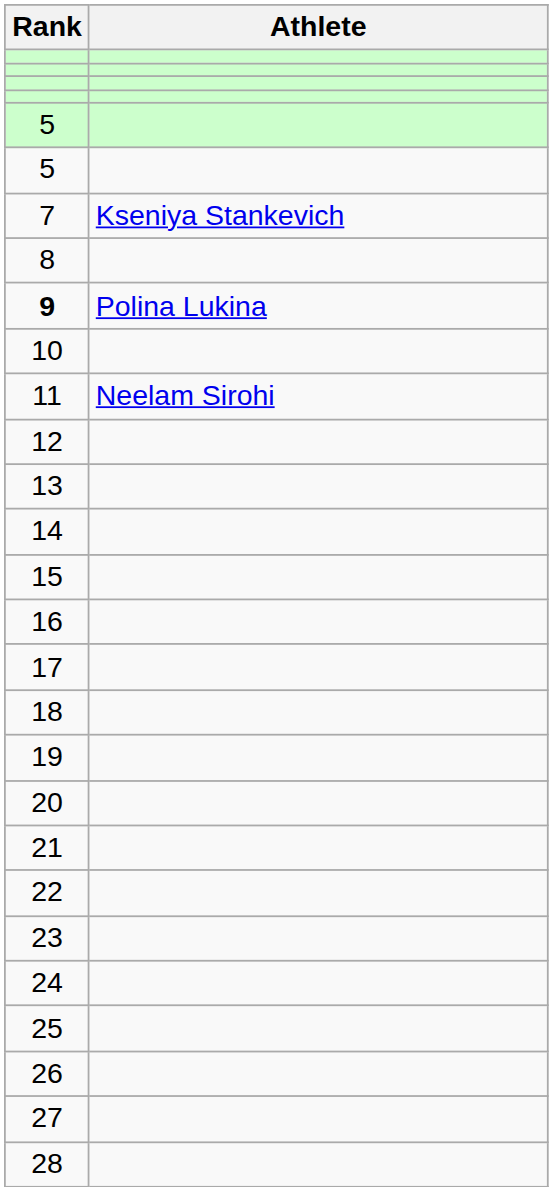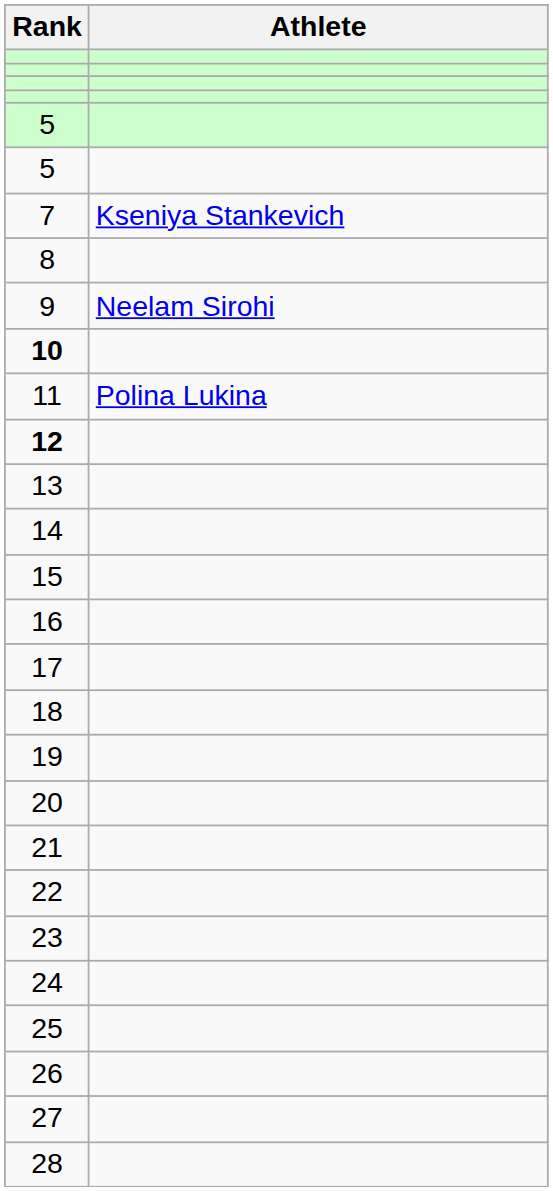 <table class="wikitable" style="text-align: center;">
 <tr>
 <th width=40>Rank</th>
 <th width=250>Athlete</th>
 </tr>
 <tr bgcolor=#ccffcc>
 <td></td>
 <td align="left"></td>
 </tr>
 <tr bgcolor=#ccffcc>
 <td></td>
 <td align="left"></td>
 </tr>
 <tr bgcolor=#ccffcc>
 <td></td>
 <td align="left"></td>
 </tr>
 <tr bgcolor=#ccffcc>
 <td></td>
 <td align="left"></td>
 </tr>
 <tr bgcolor=#ccffcc>
 <td>5</td>
 <td align="left"></td>
 </tr>
 <tr>
 <td>5</td>
 <td align="left"></td>
 </tr>
 <tr>
 <td>7</td>
 <td align="left"> <a href='#'>Kseniya Stankevich</a> </td>
 </tr>
 <tr>
 <td>8</td>
 <td align="left"></td>
 </tr>
 <tr>
-<td><strong>9</strong></td>
-<td align="left"> <a href='#'>Polina Lukina</a> </td>
+<td>9</td>
+<td align="left"> <a href='#'>Neelam Sirohi</a> </td>
 </tr>
 <tr>
-<td>10</td>
+<td><strong>10</strong></td>
 <td align="left"></td>
 </tr>
 <tr>
 <td>11</td>
-<td align="left"> <a href='#'>Neelam Sirohi</a> </td>
+<td align="left"> <a href='#'>Polina Lukina</a> </td>
 </tr>
 <tr>
-<td>12</td>
+<td><strong>12</strong></td>
 <td align="left"></td>
 </tr>
 <tr>
 <td>13</td>
 <td align="left"></td>
 </tr>
 <tr>
 <td>14</td>
 <td align="left"></td>
 </tr>
 <tr>
 <td>15</td>
 <td align="left"></td>
 </tr>
 <tr>
 <td>16</td>
 <td align="left"></td>
 </tr>
 <tr>
 <td>17</td>
 <td align="left"></td>
 </tr>
 <tr>
 <td>18</td>
 <td align="left"></td>
 </tr>
 <tr>
 <td>19</td>
 <td align="left"></td>
 </tr>
 <tr>
 <td>20</td>
 <td align="left"></td>
 </tr>
 <tr>
 <td>21</td>
 <td align="left"></td>
 </tr>
 <tr>
 <td>22</td>
 <td align="left"></td>
 </tr>
 <tr>
 <td>23</td>
 <td align="left"></td>
 </tr>
 <tr>
 <td>24</td>
 <td align="left"></td>
 </tr>
 <tr>
 <td>25</td>
 <td align="left"></td>
 </tr>
 <tr>
 <td>26</td>
 <td align="left"></td>
 </tr>
 <tr>
 <td>27</td>
 <td align="left"></td>
 </tr>
 <tr>
 <td>28</td>
 <td align="left"></td>
 </tr>
 </table>
